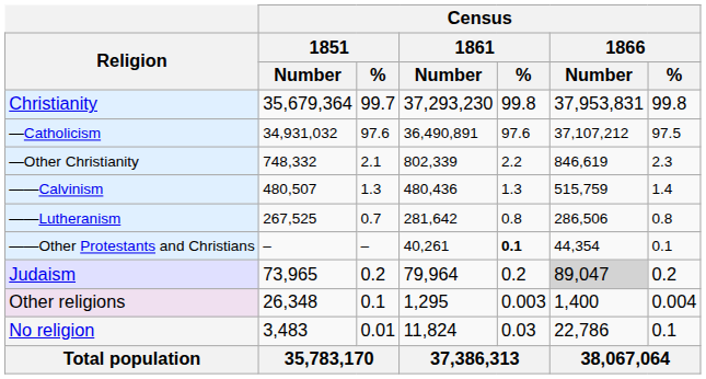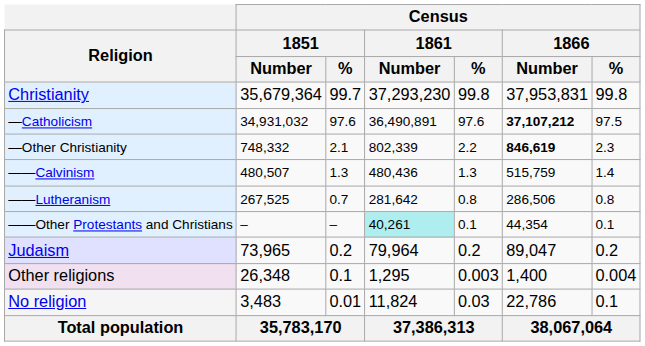 <table class="wikitable" style="border:none;">
 <tr>
 <th style="border:none;"></th>
 <th colspan="6" style="text-align:center;">Census</th>
 </tr>
 <tr>
 <th rowspan="2">Religion</th>
 <th colspan="2" style="text-align:center;">1851</th>
 <th colspan="2" style="text-align:center;">1861</th>
 <th colspan="2" style="text-align:center;">1866</th>
 </tr>
 <tr>
 <th>Number</th>
 <th>%</th>
 <th>Number</th>
 <th>%</th>
 <th>Number</th>
 <th>%</th>
 </tr>
 <tr>
 <td style="background:#E0F0FF;"><a href='#'>Christianity</a></td>
 <td>35,679,364</td>
 <td>99.7</td>
 <td>37,293,230</td>
 <td>99.8</td>
 <td>37,953,831</td>
 <td>99.8</td>
 </tr>
 <tr>
 <td style="background:#E0F0FF;"><small>—<a href='#'>Catholicism</a></small></td>
 <td><small>34,931,032</small></td>
 <td><small>97.6</small></td>
 <td><small>36,490,891</small></td>
 <td><small>97.6</small></td>
-<td><small>37,107,212</small></td>
+<td><strong><small>37,107,212</small></strong></td>
 <td><small>97.5</small></td>
 </tr>
 <tr>
 <td style="background:#E0F0FF;"><small>—Other Christianity</small></td>
 <td><small>748,332</small></td>
 <td><small>2.1</small></td>
 <td><small>802,339</small></td>
 <td><small>2.2</small></td>
-<td><small>846,619</small></td>
+<td><strong><small>846,619</small></strong></td>
 <td><small>2.3</small></td>
 </tr>
 <tr>
 <td style="background:#E0F0FF;"><small>——<a href='#'>Calvinism</a></small></td>
 <td><small>480,507</small></td>
 <td><small>1.3</small></td>
 <td><small>480,436</small></td>
 <td><small>1.3</small></td>
 <td><small>515,759</small></td>
 <td><small>1.4</small></td>
 </tr>
 <tr>
 <td style="background:#E0F0FF;"><small>——<a href='#'>Lutheranism</a></small></td>
 <td><small>267,525</small></td>
 <td><small>0.7</small></td>
 <td><small>281,642</small></td>
 <td><small>0.8</small></td>
 <td><small>286,506</small></td>
 <td><small>0.8</small></td>
 </tr>
 <tr>
 <td style="background:#E0F0FF;"><small>——Other <a href='#'>Protestants</a> and Christians</small></td>
 <td><small>–</small></td>
 <td><small>–</small></td>
-<td><small>40,261</small></td>
-<td><strong><small>0.1</small></strong></td>
+<td style="background: paleturquoise;"><small>40,261</small></td>
+<td><small>0.1</small></td>
 <td><small>44,354</small></td>
 <td><small>0.1</small></td>
 </tr>
 <tr>
 <td style="background:#E0E0FF;"><a href='#'>Judaism</a></td>
 <td>73,965</td>
 <td>0.2</td>
 <td>79,964</td>
 <td>0.2</td>
-<td style="background: lightgrey;">89,047</td>
+<td>89,047</td>
 <td>0.2</td>
 </tr>
 <tr>
 <td style="background:#F0E0F0;">Other religions</td>
 <td>26,348</td>
 <td>0.1</td>
 <td>1,295</td>
 <td>0.003</td>
 <td>1,400</td>
 <td>0.004</td>
 </tr>
 <tr>
 <td style="background:#F5F5F5;"><a href='#'>No religion</a></td>
 <td>3,483</td>
 <td>0.01</td>
 <td>11,824</td>
 <td>0.03</td>
 <td>22,786</td>
 <td>0.1</td>
 </tr>
 <tr>
 <th>Total population</th>
 <th colspan="2">35,783,170</th>
 <th colspan="2">37,386,313</th>
 <th colspan="2">38,067,064</th>
 </tr>
 </table>
